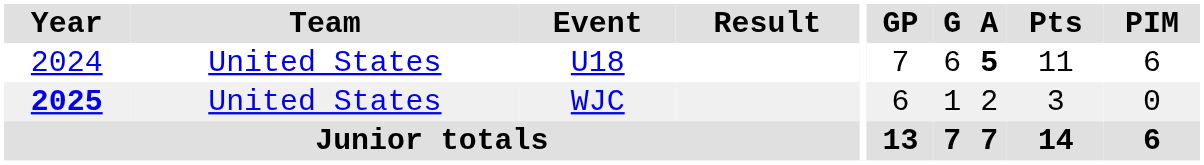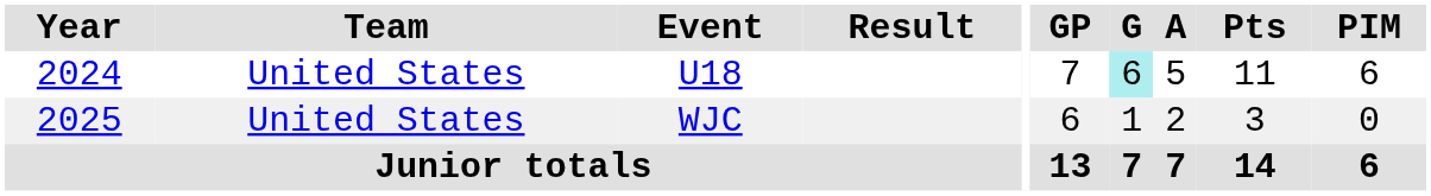 <table border="0" cellpadding="1" cellspacing="0" ID="Table3" style="text-align:center; width:40em;">
 <tr bgcolor="#e0e0e0">
 <th>Year</th>
 <th>Team</th>
 <th>Event</th>
 <th>Result</th>
 <th rowspan="99" bgcolor="#ffffff"></th>
 <th>GP</th>
 <th>G</th>
 <th>A</th>
 <th>Pts</th>
 <th>PIM</th>
 </tr>
 <tr>
 <td><a href='#'>2024</a></td>
 <td><a href='#'>United States</a></td>
 <td><a href='#'>U18</a></td>
 <td></td>
 <td>7</td>
-<td>6</td>
-<td><strong>5</strong></td>
+<td style="background: paleturquoise;">6</td>
+<td>5</td>
 <td>11</td>
 <td>6</td>
 </tr>
 <tr bgcolor="#f0f0f0">
-<td><strong><a href='#'>2025</a></strong></td>
+<td><a href='#'>2025</a></td>
 <td><a href='#'>United States</a></td>
 <td><a href='#'>WJC</a></td>
 <td></td>
 <td>6</td>
 <td>1</td>
 <td>2</td>
 <td>3</td>
 <td>0</td>
 </tr>
 <tr bgcolor="#e0e0e0">
 <th colspan="4">Junior totals</th>
 <th>13</th>
 <th>7</th>
 <th>7</th>
 <th>14</th>
 <th>6</th>
 </tr>
 </table>
